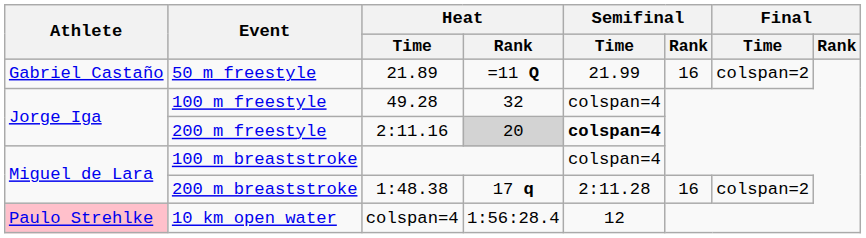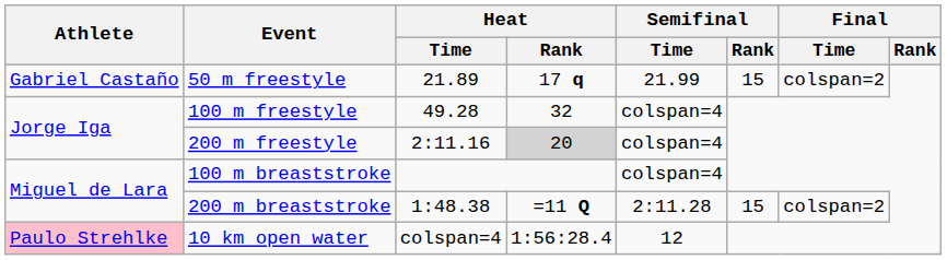 <table class=wikitable style="font-size:90%">
 <tr>
 <th rowspan="2">Athlete</th>
 <th rowspan="2">Event</th>
 <th colspan="2">Heat</th>
 <th colspan="2">Semifinal</th>
 <th colspan="2">Final</th>
 </tr>
 <tr style="font-size:95%">
 <th>Time</th>
 <th>Rank</th>
 <th>Time</th>
 <th>Rank</th>
 <th>Time</th>
 <th>Rank</th>
 </tr>
 <tr align=center>
 <td align=left><a href='#'>Gabriel Castaño</a></td>
 <td align=left><a href='#'>50 m freestyle</a></td>
 <td>21.89</td>
-<td>=11 <strong>Q</strong></td>
+<td>17 <strong>q</strong></td>
 <td>21.99</td>
-<td>16</td>
+<td>15</td>
 <td>colspan=2</td>
 </tr>
 <tr align=center>
 <td align=left rowspan=2><a href='#'>Jorge Iga</a></td>
 <td align=left><a href='#'>100 m freestyle</a></td>
 <td>49.28</td>
 <td>32</td>
 <td>colspan=4</td>
 </tr>
 <tr align=center>
 <td align=left><a href='#'>200 m freestyle</a></td>
 <td>2:11.16</td>
 <td style="background: lightgrey;">20</td>
-<td><strong>colspan=4</strong></td>
+<td>colspan=4</td>
 </tr>
 <tr align=center>
 <td align=left rowspan=2><a href='#'>Miguel de Lara</a></td>
 <td align=left><a href='#'>100 m breaststroke</a></td>
 <td colspan=2></td>
 <td>colspan=4 </td>
 </tr>
 <tr align=center>
 <td align=left><a href='#'>200 m breaststroke</a></td>
 <td>1:48.38</td>
-<td>17 <strong>q</strong></td>
+<td>=11 <strong>Q</strong></td>
 <td>2:11.28</td>
-<td>16</td>
+<td>15</td>
 <td>colspan=2</td>
 </tr>
 <tr align=center>
 <td align=left style="background: pink;"><a href='#'>Paulo Strehlke</a></td>
 <td align=left><a href='#'>10 km open water</a></td>
 <td>colspan=4 </td>
 <td>1:56:28.4</td>
 <td>12</td>
 </tr>
 </table>
